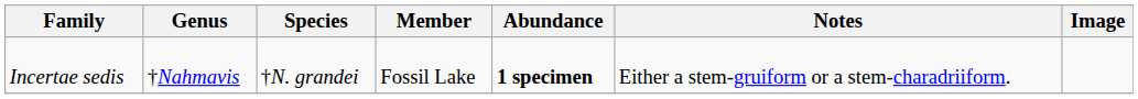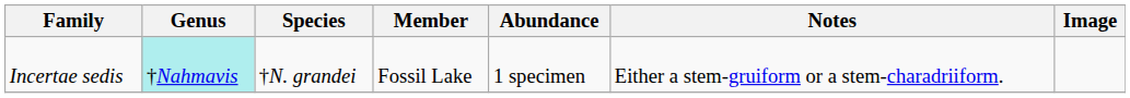 <table class="wikitable" style="margin:auto;width:100%;">
 <tr>
 <th>Family</th>
 <th>Genus</th>
 <th>Species</th>
 <th>Member</th>
 <th>Abundance</th>
 <th>Notes</th>
 <th>Image</th>
 </tr>
 <tr>
 <td><br><em>Incertae sedis</em></td>
-<td><br>†<em><a href='#'>Nahmavis</a></em></td>
+<td style="background: paleturquoise;"><br>†<em><a href='#'>Nahmavis</a></em></td>
 <td><br>†<em>N. grandei</em></td>
 <td><br>Fossil Lake</td>
-<td><strong><br>1 specimen</strong></td>
+<td><br>1 specimen</td>
 <td><br>Either a stem-<a href='#'>gruiform</a> or a stem-<a href='#'>charadriiform</a>.</td>
 <td><br></td>
 </tr>
 <tr>
 </tr>
 </table>
